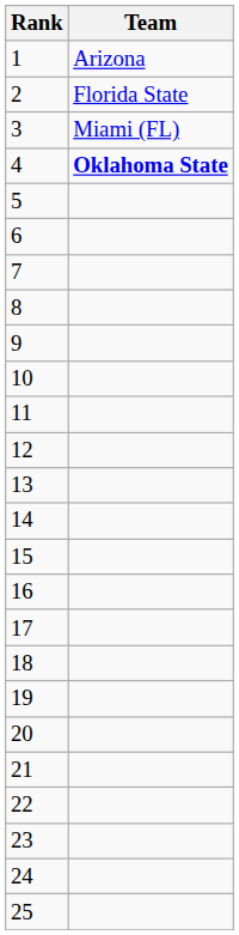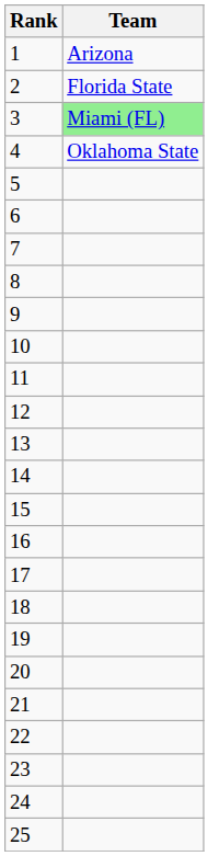 <table class=wikitable>
 <tr>
 <th>Rank</th>
 <th>Team</th>
 </tr>
 <tr>
 <td>1</td>
 <td><a href='#'>Arizona</a></td>
 </tr>
 <tr>
 <td>2</td>
 <td><a href='#'>Florida State</a></td>
 </tr>
 <tr>
 <td>3</td>
-<td><a href='#'>Miami (FL)</a></td>
+<td style="background: lightgreen;"><a href='#'>Miami (FL)</a></td>
 </tr>
 <tr>
 <td>4</td>
-<td><strong><a href='#'>Oklahoma State</a></strong></td>
+<td><a href='#'>Oklahoma State</a></td>
 </tr>
 <tr>
 <td>5</td>
 <td></td>
 </tr>
 <tr>
 <td>6</td>
 <td></td>
 </tr>
 <tr>
 <td>7</td>
 <td></td>
 </tr>
 <tr>
 <td>8</td>
 <td></td>
 </tr>
 <tr>
 <td>9</td>
 <td></td>
 </tr>
 <tr>
 <td>10</td>
 <td></td>
 </tr>
 <tr>
 <td>11</td>
 <td></td>
 </tr>
 <tr>
 <td>12</td>
 <td></td>
 </tr>
 <tr>
 <td>13</td>
 <td></td>
 </tr>
 <tr>
 <td>14</td>
 <td></td>
 </tr>
 <tr>
 <td>15</td>
 <td></td>
 </tr>
 <tr>
 <td>16</td>
 <td></td>
 </tr>
 <tr>
 <td>17</td>
 <td></td>
 </tr>
 <tr>
 <td>18</td>
 <td></td>
 </tr>
 <tr>
 <td>19</td>
 <td></td>
 </tr>
 <tr>
 <td>20</td>
 <td></td>
 </tr>
 <tr>
 <td>21</td>
 <td></td>
 </tr>
 <tr>
 <td>22</td>
 <td></td>
 </tr>
 <tr>
 <td>23</td>
 <td></td>
 </tr>
 <tr>
 <td>24</td>
 <td></td>
 </tr>
 <tr>
 <td>25</td>
 <td></td>
 </tr>
 </table>
